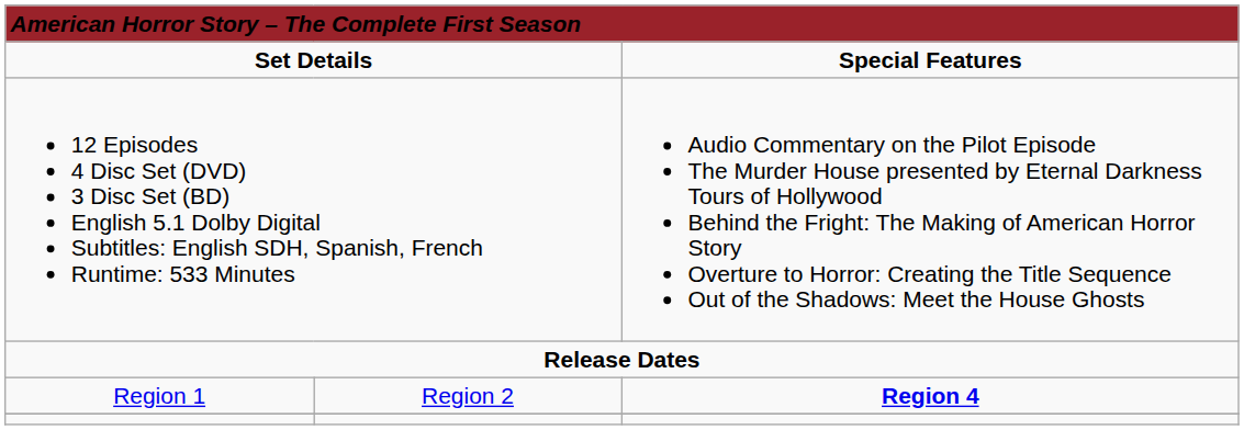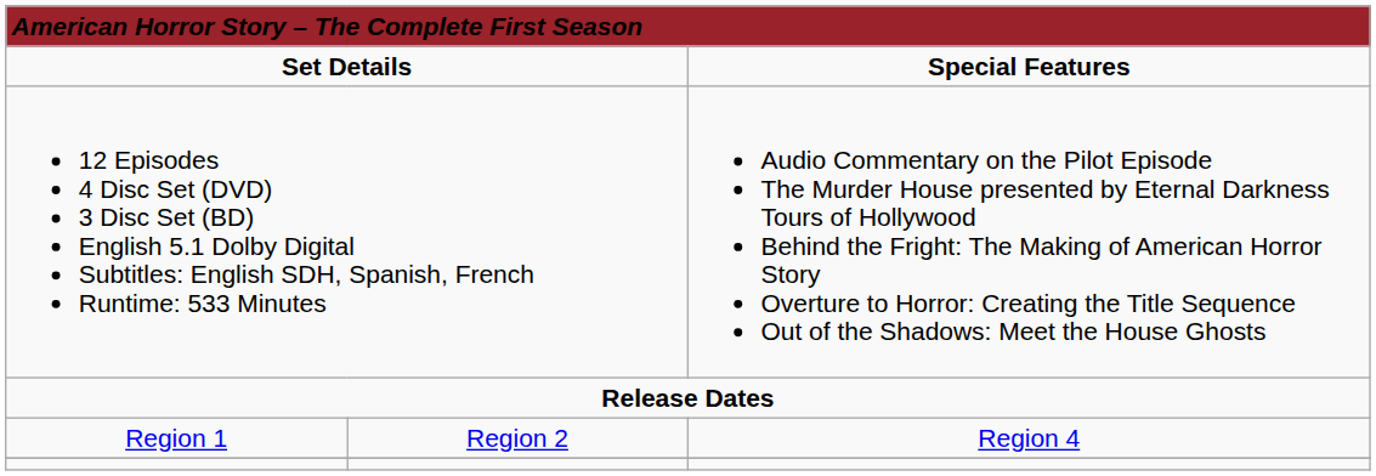 <table class="wikitable" style="font-size: 95%;">
 <tr style="background:#9A222A;">
 <td colspan="3"><span> <strong><em>American Horror Story – The Complete First Season</em></strong></span></td>
 </tr>
 <tr style="vertical-align:top; text-align:center;">
 <td style="width:400px;" colspan="2"><strong>Set Details</strong></td>
 <td style="width:400px; " colspan="2"><strong>Special Features</strong></td>
 </tr>
 <tr valign="top">
 <td colspan="2"  style="text-align:left; width:400px;"><br><ul><li>12 Episodes</li><li>4 Disc Set (DVD)</li><li>3 Disc Set (BD)</li><li>English 5.1 Dolby Digital</li><li>Subtitles: English SDH, Spanish, French</li><li>Runtime: 533 Minutes</li></ul></td>
 <td colspan="3"  style="text-align:left; width:400px;"><br><ul><li>Audio Commentary on the Pilot Episode</li><li>The Murder House presented by Eternal Darkness Tours of Hollywood</li><li>Behind the Fright: The Making of American Horror Story</li><li>Overture to Horror: Creating the Title Sequence</li><li>Out of the Shadows: Meet the House Ghosts</li></ul></td>
 </tr>
 <tr>
 <td colspan="3" style="text-align:center;"><strong>Release Dates</strong></td>
 </tr>
 <tr>
 <td style="text-align:center;"><a href='#'>Region 1</a></td>
 <td style="text-align:center;"><a href='#'>Region 2</a></td>
-<td style="text-align:center;"><strong><a href='#'>Region 4</a></strong></td>
+<td style="text-align:center;"><a href='#'>Region 4</a></td>
 </tr>
 <tr style="text-align:center;">
 </tr>
 <tr style="text-align:center;">
 </tr>
 <tr>
 <td colspan="1"></td>
 <td colspan="1"></td>
 <td colspan="1"></td>
 </tr>
 </table>
